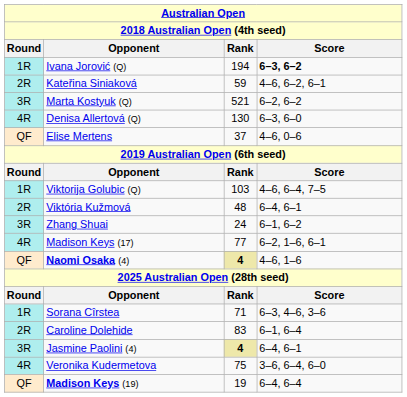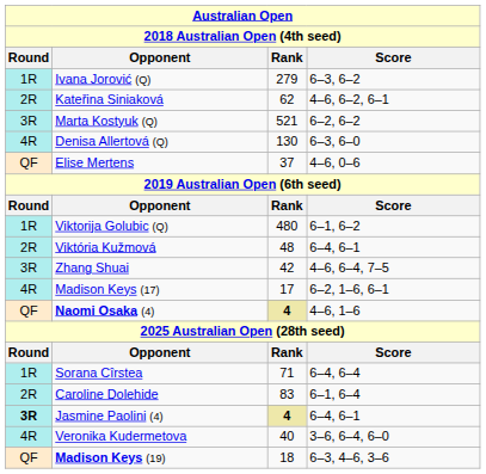 <table class=wikitable style=font-size:97%>
 <tr>
 <th colspan=4 style="background:#ffc;"><a href='#'>Australian Open</a></th>
 </tr>
 <tr>
 <th colspan=4 style="background:#ffc;"><a href='#'>2018 Australian Open</a> (4th seed)</th>
 </tr>
 <tr>
 <th width=40>Round</th>
 <th width=250>Opponent</th>
 <th width=40>Rank</th>
 <th width=200>Score</th>
 </tr>
 <tr>
 <td style="text-align:center; background:#afeeee;">1R</td>
 <td> <a href='#'>Ivana Jorović</a> <small>(Q)</small></td>
-<td style="text-align:center">194</td>
-<td><strong>6–3, 6–2</strong></td>
+<td style="text-align:center">279</td>
+<td>6–3, 6–2</td>
 </tr>
 <tr>
 <td style="text-align:center; background:#afeeee;">2R</td>
 <td> <a href='#'>Kateřina Siniaková</a></td>
-<td style="text-align:center">59</td>
+<td style="text-align:center">62</td>
 <td>4–6, 6–2, 6–1</td>
 </tr>
 <tr>
 <td style="text-align:center; background:#afeeee;">3R</td>
 <td> <a href='#'>Marta Kostyuk</a> <small>(Q)</small></td>
 <td style="text-align:center">521</td>
 <td>6–2, 6–2</td>
 </tr>
 <tr>
 <td style="text-align:center; background:#afeeee;">4R</td>
 <td> <a href='#'>Denisa Allertová</a> <small>(Q)</small></td>
 <td style="text-align:center">130</td>
 <td>6–3, 6–0</td>
 </tr>
 <tr>
 <td style="text-align:center; background:#ffebcd;">QF</td>
 <td> <a href='#'>Elise Mertens</a></td>
 <td style="text-align:center">37</td>
 <td>4–6, 0–6</td>
 </tr>
 <tr>
 <th colspan=4 style="background:#ffc;"><a href='#'>2019 Australian Open</a> (6th seed)</th>
 </tr>
 <tr>
 <th width=40>Round</th>
 <th width=250>Opponent</th>
 <th width=40>Rank</th>
 <th width=200>Score</th>
 </tr>
 <tr>
 <td style="text-align:center; background:#afeeee;">1R</td>
 <td> <a href='#'>Viktorija Golubic</a> <small>(Q)</small></td>
-<td style="text-align:center">103</td>
-<td>4–6, 6–4, 7–5</td>
+<td style="text-align:center">480</td>
+<td>6–1, 6–2</td>
 </tr>
 <tr>
 <td style="text-align:center; background:#afeeee;">2R</td>
 <td> <a href='#'>Viktória Kužmová</a></td>
 <td style="text-align:center">48</td>
 <td>6–4, 6–1</td>
 </tr>
 <tr>
 <td style="text-align:center; background:#afeeee;">3R</td>
 <td> <a href='#'>Zhang Shuai</a></td>
-<td style="text-align:center">24</td>
-<td>6–1, 6–2</td>
+<td style="text-align:center">42</td>
+<td>4–6, 6–4, 7–5</td>
 </tr>
 <tr>
 <td style="text-align:center; background:#afeeee;">4R</td>
 <td> <a href='#'>Madison Keys</a> <small>(17)</small></td>
-<td style="text-align:center">77</td>
+<td style="text-align:center">17</td>
 <td>6–2, 1–6, 6–1</td>
 </tr>
 <tr>
 <td style="text-align:center; background:#ffebcd;">QF</td>
 <td> <strong><a href='#'>Naomi Osaka</a></strong> <small>(4)</small></td>
 <td style="text-align:center; background:#eee8aa;"><strong>4</strong></td>
 <td>4–6, 1–6</td>
 </tr>
 <tr>
 <th colspan=4 style="background:#ffc;"><a href='#'>2025 Australian Open</a> (28th seed)</th>
 </tr>
 <tr>
 <th width=40>Round</th>
 <th width=250>Opponent</th>
 <th width=40>Rank</th>
 <th width=200>Score</th>
 </tr>
 <tr>
 <td style="text-align:center; background:#afeeee;">1R</td>
 <td> <a href='#'>Sorana Cîrstea</a></td>
 <td style="text-align:center">71</td>
-<td>6–3, 4–6, 3–6</td>
+<td>6–4, 6–4</td>
 </tr>
 <tr>
 <td style="text-align:center; background:#afeeee;">2R</td>
 <td> <a href='#'>Caroline Dolehide</a></td>
 <td style="text-align:center">83</td>
 <td>6–1, 6–4</td>
 </tr>
 <tr>
-<td style="text-align:center; background:#afeeee;">3R</td>
+<td style="text-align:center; background:#afeeee;"><strong>3R</strong></td>
 <td> <a href='#'>Jasmine Paolini</a> <small>(4)</small></td>
 <td style="text-align:center; background:#eee8aa;"><strong>4</strong></td>
 <td>6–4, 6–1</td>
 </tr>
 <tr>
 <td style="text-align:center; background:#afeeee;">4R</td>
 <td> <a href='#'>Veronika Kudermetova</a></td>
-<td style="text-align:center">75</td>
+<td style="text-align:center">40</td>
 <td>3–6, 6–4, 6–0</td>
 </tr>
 <tr>
 <td style="text-align:center; background:#ffebcd;">QF</td>
 <td> <strong><a href='#'>Madison Keys</a></strong> <small>(19)</small></td>
-<td style="text-align:center">19</td>
-<td>6–4, 6–4</td>
+<td style="text-align:center">18</td>
+<td>6–3, 4–6, 3–6</td>
 </tr>
 </table>
